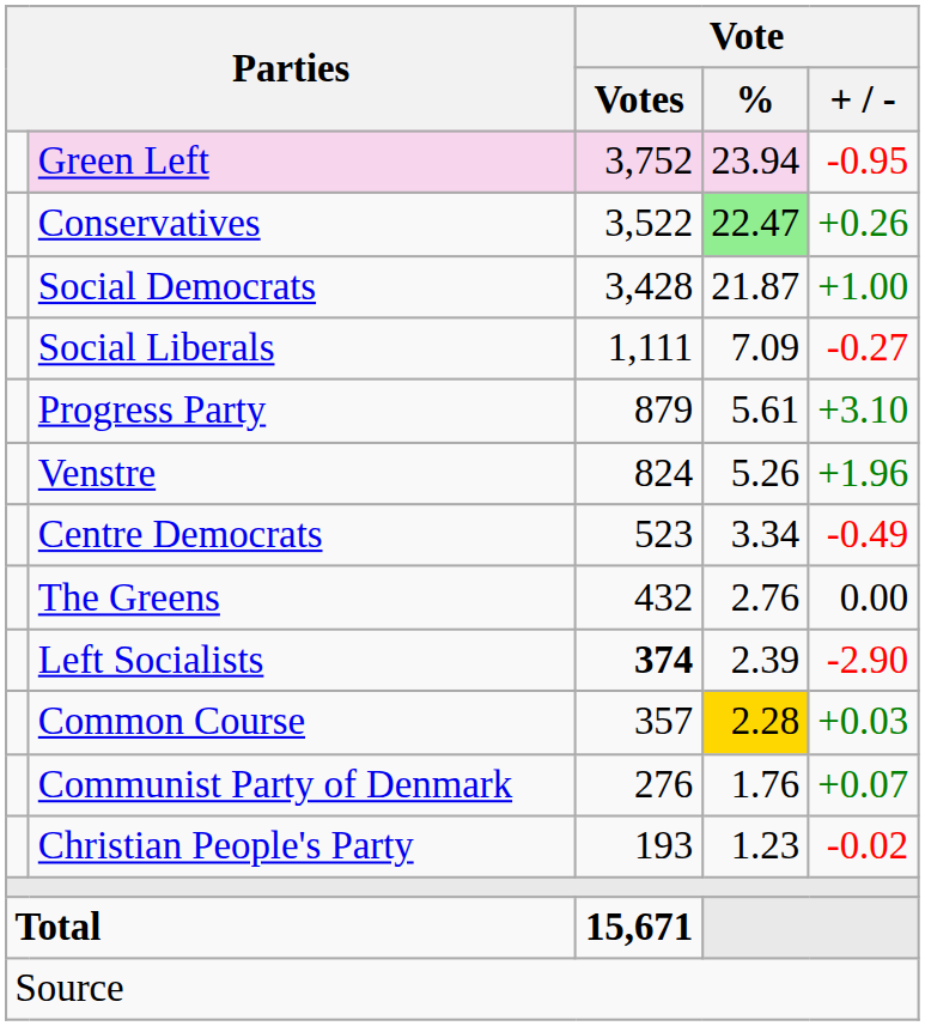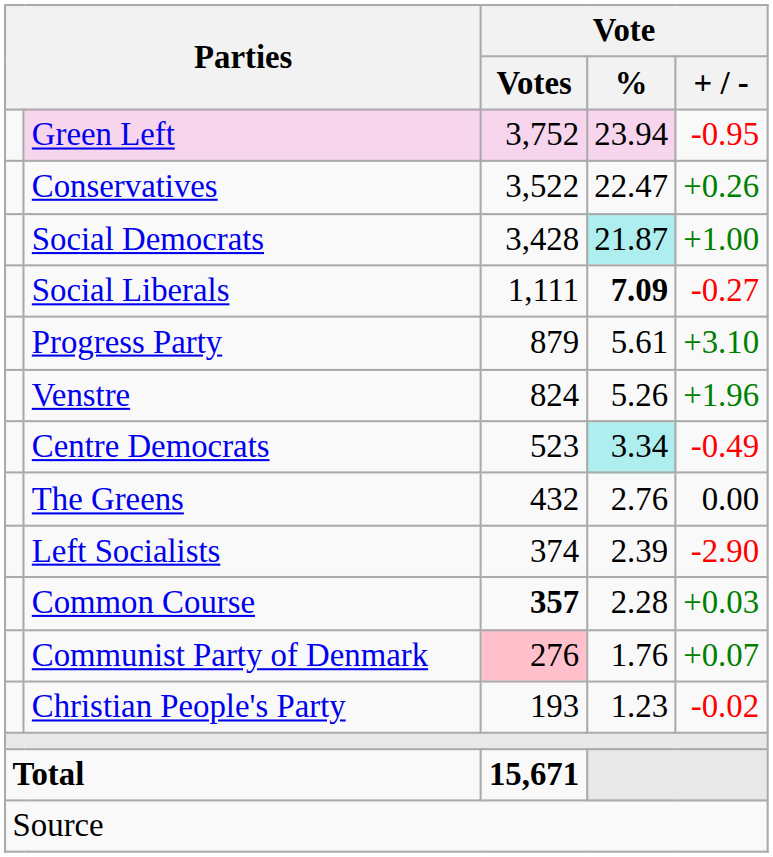 <table class="wikitable" style="text-align:right;">
 <tr>
 <th style="text-align:centre;" rowspan="2" colspan="2" width="225">Parties</th>
 <th colspan="3">Vote</th>
 </tr>
 <tr>
 <th width="15">Votes</th>
 <th width="15">%</th>
 <th width="15">+ / -</th>
 </tr>
 <tr>
 <td width="2" style="color:inherit;background:"></td>
 <td bgcolor=#f7d5ed  align="left"><a href='#'>Green Left</a></td>
 <td bgcolor=#f7d5ed>3,752</td>
 <td bgcolor=#f7d5ed>23.94</td>
 <td style=color:red;>-0.95</td>
 </tr>
 <tr>
 <td width="2" style="color:inherit;background:"></td>
 <td align="left"><a href='#'>Conservatives</a></td>
 <td>3,522</td>
-<td style="background: lightgreen;">22.47</td>
+<td>22.47</td>
 <td style=color:green;>+0.26</td>
 </tr>
 <tr>
 <td width="2" style="color:inherit;background:"></td>
 <td align="left"><a href='#'>Social Democrats</a></td>
 <td>3,428</td>
-<td>21.87</td>
+<td style="background: paleturquoise;">21.87</td>
 <td style=color:green;>+1.00</td>
 </tr>
 <tr>
 <td width="2" style="color:inherit;background:"></td>
 <td align="left"><a href='#'>Social Liberals</a></td>
 <td>1,111</td>
-<td>7.09</td>
+<td><strong>7.09</strong></td>
 <td style=color:red;>-0.27</td>
 </tr>
 <tr>
 <td width="2" style="color:inherit;background:"></td>
 <td align="left"><a href='#'>Progress Party</a></td>
 <td>879</td>
 <td>5.61</td>
 <td style=color:green;>+3.10</td>
 </tr>
 <tr>
 <td width="2" style="color:inherit;background:"></td>
 <td align="left"><a href='#'>Venstre</a></td>
 <td>824</td>
 <td>5.26</td>
 <td style=color:green;>+1.96</td>
 </tr>
 <tr>
 <td width="2" style="color:inherit;background:"></td>
 <td align="left"><a href='#'>Centre Democrats</a></td>
 <td>523</td>
-<td>3.34</td>
+<td style="background: paleturquoise;">3.34</td>
 <td style=color:red;>-0.49</td>
 </tr>
 <tr>
 <td width="2" style="color:inherit;background:"></td>
 <td align="left"><a href='#'>The Greens</a></td>
 <td>432</td>
 <td>2.76</td>
 <td>0.00</td>
 </tr>
 <tr>
 <td width="2" style="color:inherit;background:"></td>
 <td align="left"><a href='#'>Left Socialists</a></td>
-<td><strong>374</strong></td>
+<td>374</td>
 <td>2.39</td>
 <td style=color:red;>-2.90</td>
 </tr>
 <tr>
 <td width="2" style="color:inherit;background:"></td>
 <td align="left"><a href='#'>Common Course</a></td>
-<td>357</td>
-<td style="background: gold;">2.28</td>
+<td><strong>357</strong></td>
+<td>2.28</td>
 <td style=color:green;>+0.03</td>
 </tr>
 <tr>
 <td width="2" style="color:inherit;background:"></td>
 <td align="left"><a href='#'>Communist Party of Denmark</a></td>
-<td>276</td>
+<td style="background: pink;">276</td>
 <td>1.76</td>
 <td style=color:green;>+0.07</td>
 </tr>
 <tr>
 <td width="2" style="color:inherit;background:"></td>
 <td align="left"><a href='#'>Christian People's Party</a></td>
 <td>193</td>
 <td>1.23</td>
 <td style=color:red;>-0.02</td>
 </tr>
 <tr>
 <td colspan="7" bgcolor="#E9E9E9"></td>
 </tr>
 <tr>
 <td align="left" colspan="2"><strong>Total</strong></td>
 <td><strong>15,671</strong></td>
 <td bgcolor="#E9E9E9" colspan="2"></td>
 </tr>
 <tr>
 <td align="left" colspan="6">Source</td>
 </tr>
 </table>
